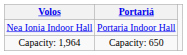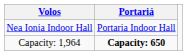 <table class="wikitable" style="text-align:center;">
 <tr>
 <th><a href='#'>Volos</a></th>
 <th><a href='#'>Portariá</a></th>
 <td rowspan="4"><br></td>
 </tr>
 <tr>
 <td><a href='#'>Nea Ionia Indoor Hall</a></td>
 <td><a href='#'>Portaria Indoor Hall</a></td>
 </tr>
 <tr>
 <td>Capacity: 1,964</td>
-<td>Capacity: 650</td>
+<td><strong>Capacity: 650</strong></td>
 </tr>
 </table>
